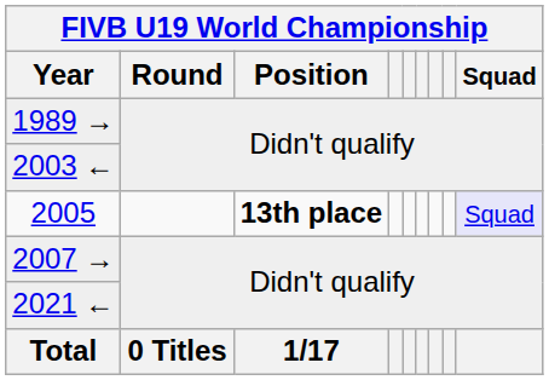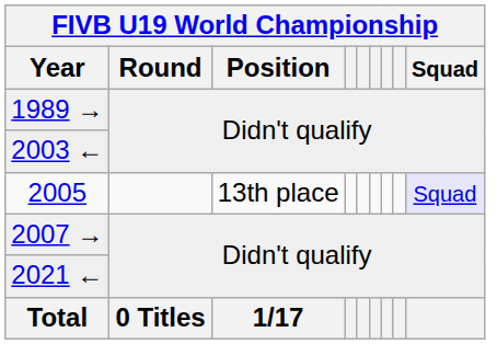 <table class="wikitable" style="text-align: center;">
 <tr>
 <th colspan=9><a href='#'>FIVB U19 World Championship</a></th>
 </tr>
 <tr>
 <th>Year</th>
 <th>Round</th>
 <th>Position</th>
 <th></th>
 <th></th>
 <th></th>
 <th></th>
 <th></th>
 <th><small>Squad</small></th>
 </tr>
 <tr bgcolor="efefef">
 <td> <a href='#'>1989</a> →</td>
 <td colspan="8" rowspan=2>Didn't qualify</td>
 </tr>
 <tr bgcolor="efefef">
 <td> <a href='#'>2003</a> ←</td>
 </tr>
 <tr>
 <td> <a href='#'>2005</a></td>
 <td></td>
-<td><strong>13th place</strong></td>
+<td>13th place</td>
 <td></td>
 <td></td>
 <td></td>
 <td></td>
 <td></td>
 <td style="background: lavender;"><small><a href='#'>Squad</a></small></td>
 </tr>
 <tr bgcolor="efefef">
 <td> <a href='#'>2007</a> →</td>
 <td colspan="8" rowspan=2>Didn't qualify</td>
 </tr>
 <tr bgcolor="efefef">
 <td> <a href='#'>2021</a> ←</td>
 </tr>
 <tr>
 <th>Total</th>
 <th>0 Titles</th>
 <th>1/17</th>
 <th></th>
 <th></th>
 <th></th>
 <th></th>
 <th></th>
 <th></th>
 </tr>
 </table>
